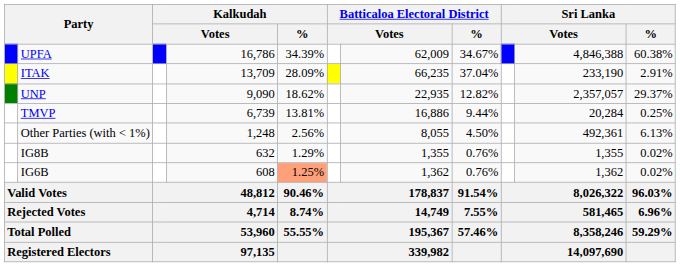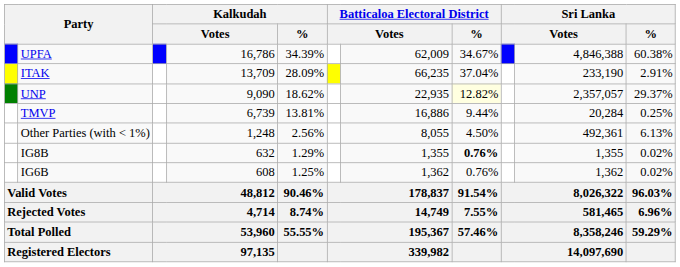 <table class="wikitable">
 <tr>
 <th colspan="2" width="144px"rowspan="2">Party</th>
 <th colspan="3" width="216px">Kalkudah</th>
 <th colspan="3" width="216px"><a href='#'>Batticaloa Electoral District</a></th>
 <th colspan="3" width="216px">Sri Lanka</th>
 </tr>
 <tr>
 <th colspan="2" width="144px">Votes</th>
 <th>%</th>
 <th colspan="2" width="144px">Votes</th>
 <th>%</th>
 <th colspan="2" width="144px">Votes</th>
 <th>%</th>
 </tr>
 <tr>
 <td style="background-color:blue;" width="10px"></td>
 <td style="text-align:left;"><a href='#'>UPFA</a></td>
 <td style="background-color:blue;" width="10px"></td>
 <td style="text-align:right;">16,786</td>
 <td style="text-align:right;">34.39%</td>
 <td style="background-color:white;" width="10px"></td>
 <td style="text-align:right;">62,009</td>
 <td style="text-align:right;">34.67%</td>
 <td style="background-color:blue;" width="10px"></td>
 <td style="text-align:right;">4,846,388</td>
 <td style="text-align:right;">60.38%</td>
 </tr>
 <tr>
 <td style="background-color:yellow;" width="10px"></td>
 <td style="text-align:left;"><a href='#'>ITAK</a></td>
 <td style="background-color:white;" width="10px"></td>
 <td style="text-align:right;">13,709</td>
 <td style="text-align:right;">28.09%</td>
 <td style="background-color:yellow;" width="10px"></td>
 <td style="text-align:right;">66,235</td>
 <td style="text-align:right;">37.04%</td>
 <td style="background-color:white;" width="10px"></td>
 <td style="text-align:right;">233,190</td>
 <td style="text-align:right;">2.91%</td>
 </tr>
 <tr>
 <td style="background-color:green;" width="10px"></td>
 <td style="text-align:left;"><a href='#'>UNP</a></td>
 <td style="background-color:white;" width="10px"></td>
 <td style="text-align:right;">9,090</td>
 <td style="text-align:right;">18.62%</td>
 <td style="background-color:white;" width="10px"></td>
 <td style="text-align:right;">22,935</td>
-<td style="text-align:right;">12.82%</td>
+<td style="background: lightyellow; text-align:right;">12.82%</td>
 <td style="background-color:white;" width="10px"></td>
 <td style="text-align:right;">2,357,057</td>
 <td style="text-align:right;">29.37%</td>
 </tr>
 <tr>
 <td style="background-color:white;" width="10px"></td>
 <td style="text-align:left;"><a href='#'>TMVP</a></td>
 <td style="background-color:white;" width="10px"></td>
 <td style="text-align:right;">6,739</td>
 <td style="text-align:right;">13.81%</td>
 <td style="background-color:white;" width="10px"></td>
 <td style="text-align:right;">16,886</td>
 <td style="text-align:right;">9.44%</td>
 <td style="background-color:white;" width="10px"></td>
 <td style="text-align:right;">20,284</td>
 <td style="text-align:right;">0.25%</td>
 </tr>
 <tr>
 <td style="background-color:white;" width="10px"></td>
 <td style="text-align:left;">Other Parties (with < 1%)</td>
 <td style="background-color:white;" width="10px"></td>
 <td style="text-align:right;">1,248</td>
 <td style="text-align:right;">2.56%</td>
 <td style="background-color:white;" width="10px"></td>
 <td style="text-align:right;">8,055</td>
 <td style="text-align:right;">4.50%</td>
 <td style="background-color:white;" width="10px"></td>
 <td style="text-align:right;">492,361</td>
 <td style="text-align:right;">6.13%</td>
 </tr>
 <tr>
 <td style="background-color:white;" width="10px"></td>
 <td style="text-align:left;">IG8B</td>
 <td style="background-color:white;" width="10px"></td>
 <td style="text-align:right;">632</td>
 <td style="text-align:right;">1.29%</td>
 <td style="background-color:white;" width="10px"></td>
 <td style="text-align:right;">1,355</td>
-<td style="text-align:right;">0.76%</td>
+<td style="text-align:right;"><strong>0.76%</strong></td>
 <td style="background-color:white;" width="10px"></td>
 <td style="text-align:right;">1,355</td>
 <td style="text-align:right;">0.02%</td>
 </tr>
 <tr>
 <td style="background-color:white;" width="10px"></td>
 <td style="text-align:left;">IG6B</td>
 <td style="background-color:white;" width="10px"></td>
 <td style="text-align:right;">608</td>
-<td style="background: lightsalmon; text-align:right;">1.25%</td>
+<td style="text-align:right;">1.25%</td>
 <td style="background-color:white;" width="10px"></td>
 <td style="text-align:right;">1,362</td>
 <td style="text-align:right;">0.76%</td>
 <td style="background-color:white;" width="10px"></td>
 <td style="text-align:right;">1,362</td>
 <td style="text-align:right;">0.02%</td>
 </tr>
 <tr>
 <th colspan="2" width="144px"style="text-align:left;">Valid Votes</th>
 <th style="text-align:right;"colspan="2" width="144px">48,812</th>
 <th style="text-align:right;">90.46%</th>
 <th style="text-align:right;"colspan="2" width="144px">178,837</th>
 <th style="text-align:right;">91.54%</th>
 <th style="text-align:right;"colspan="2" width="144px">8,026,322</th>
 <th style="text-align:right;">96.03%</th>
 </tr>
 <tr>
 <th colspan="2" width="144px"style="text-align:left;">Rejected Votes</th>
 <th style="text-align:right;"colspan="2" width="144px">4,714</th>
 <th style="text-align:right;">8.74%</th>
 <th style="text-align:right;"colspan="2" width="144px">14,749</th>
 <th style="text-align:right;">7.55%</th>
 <th style="text-align:right;"colspan="2" width="144px">581,465</th>
 <th style="text-align:right;">6.96%</th>
 </tr>
 <tr>
 <th colspan="2" width="144px"style="text-align:left;">Total Polled</th>
 <th style="text-align:right;"colspan="2" width="144px">53,960</th>
 <th style="text-align:right;">55.55%</th>
 <th style="text-align:right;"colspan="2" width="144px">195,367</th>
 <th style="text-align:right;">57.46%</th>
 <th style="text-align:right;"colspan="2" width="144px">8,358,246</th>
 <th style="text-align:right;">59.29%</th>
 </tr>
 <tr>
 <th colspan="2" width="144px"style="text-align:left;">Registered Electors</th>
 <th style="text-align:right;"colspan="2" width="144px">97,135</th>
 <th></th>
 <th style="text-align:right;"colspan="2" width="144px">339,982</th>
 <th></th>
 <th style="text-align:right;"colspan="2" width="144px">14,097,690</th>
 <th></th>
 </tr>
 </table>
